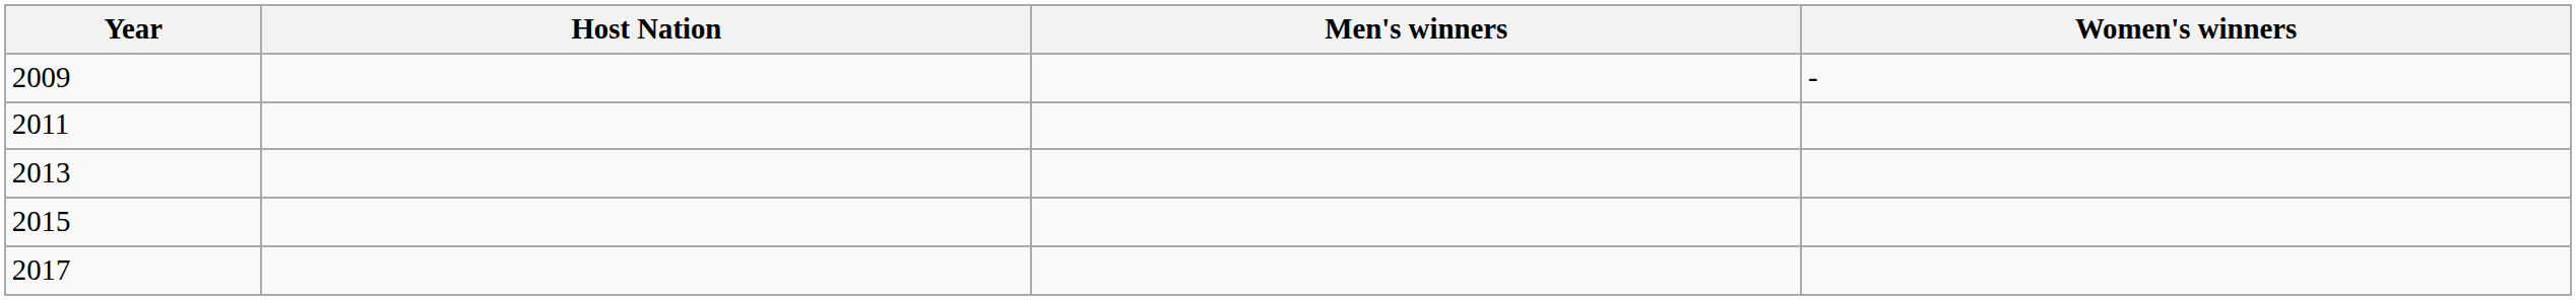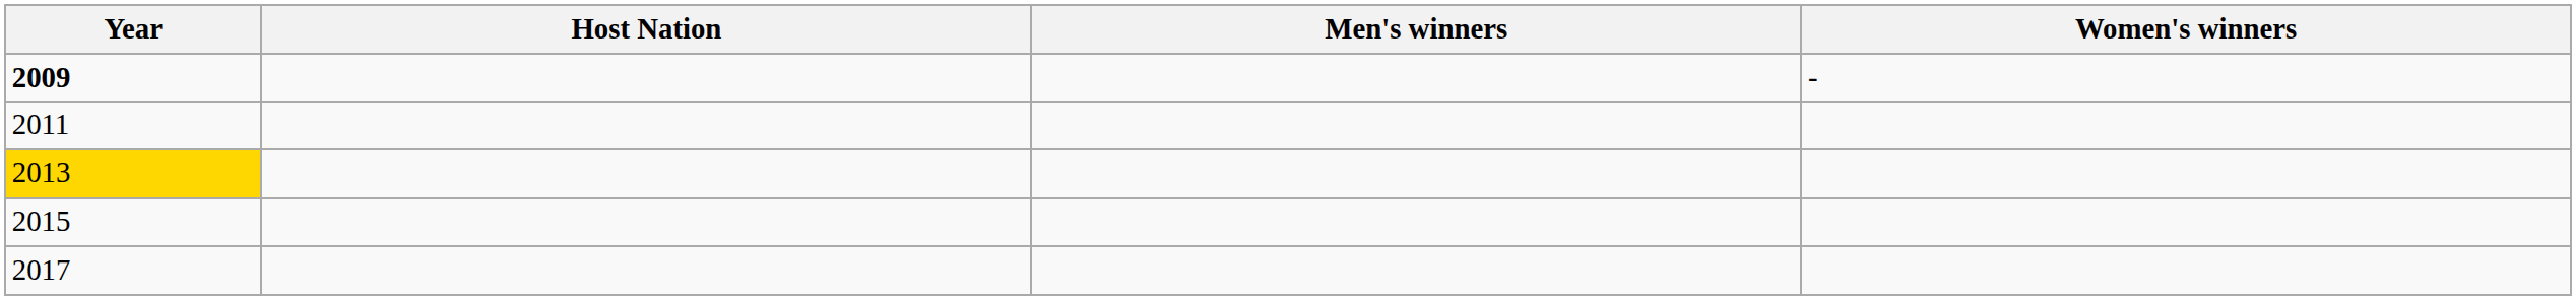 <table class="wikitable sortable" style="font-size:90%; width: 100%; text-align: left;">
 <tr>
 <th width=5%>Year</th>
 <th width=15%>Host Nation</th>
 <th width=15%>Men's winners</th>
 <th width=15%>Women's winners</th>
 </tr>
 <tr>
-<td>2009</td>
+<td><strong>2009</strong></td>
 <td></td>
 <td></td>
 <td>-</td>
 </tr>
 <tr>
 <td>2011</td>
 <td></td>
 <td></td>
 <td></td>
 </tr>
 <tr>
-<td>2013</td>
+<td style="background: gold;">2013</td>
 <td></td>
 <td></td>
 <td></td>
 </tr>
 <tr>
 <td>2015</td>
 <td></td>
 <td></td>
 <td></td>
 </tr>
 <tr>
 <td>2017</td>
 <td></td>
 <td></td>
 <td></td>
 </tr>
 <tr>
 </tr>
 </table>
